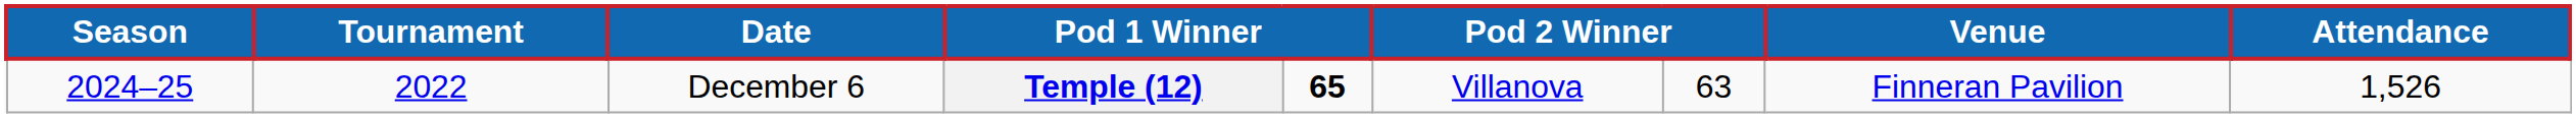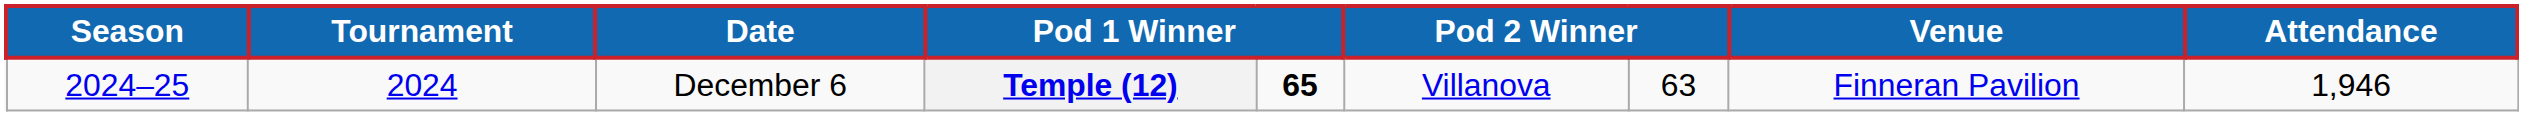 <table class="wikitable" style="text-align:center;" width=100%>
 <tr>
 <th style="background:#1169B1; color:#FFFFFF; border: 2px solid #CA212A;">Season</th>
 <th style="background:#1169B1; color:#FFFFFF; border: 2px solid #CA212A;">Tournament</th>
 <th style="background:#1169B1; color:#FFFFFF; border: 2px solid #CA212A;">Date</th>
 <th colspan="2" style="background:#1169B1; color:#FFFFFF; border: 2px solid #CA212A;">Pod 1 Winner</th>
 <th colspan="2" style="background:#1169B1; color:#FFFFFF; border: 2px solid #CA212A;">Pod 2 Winner</th>
 <th style="background:#1169B1; color:#FFFFFF; border: 2px solid #CA212A;">Venue</th>
 <th style="background:#1169B1; color:#FFFFFF; border: 2px solid #CA212A;">Attendance</th>
 </tr>
 <tr>
 <td><a href='#'>2024–25</a></td>
-<td><a href='#'>2022</a></td>
+<td><a href='#'>2024</a></td>
 <td>December 6</td>
 <th><a href='#'><span>Temple (12)</span></a></th>
 <td><strong>65</strong></td>
 <td><a href='#'>Villanova</a></td>
 <td>63</td>
 <td><a href='#'>Finneran Pavilion</a></td>
-<td>1,526</td>
+<td>1,946</td>
 </tr>
 </table>
